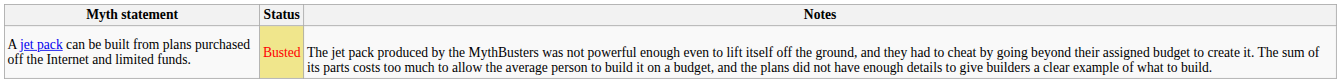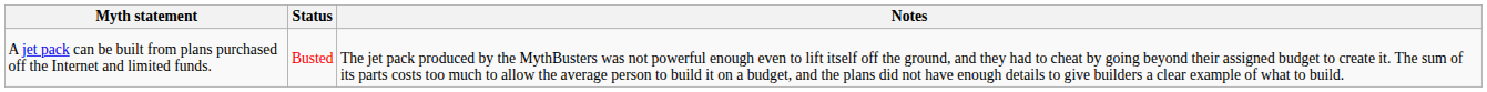 <table class="wikitable plainrowheaders">
 <tr>
 <th>Myth statement</th>
 <th>Status</th>
 <th>Notes</th>
 </tr>
 <tr>
 <td>A <a href='#'>jet pack</a> can be built from plans purchased off the Internet and limited funds.</td>
-<td style="background: khaki; color:red">Busted</td>
+<td style="color:red">Busted</td>
 <td><br>The jet pack produced by the MythBusters was not powerful enough even to lift itself off the ground, and they had to cheat by going beyond their assigned budget to create it. The sum of its parts costs too much to allow the average person to build it on a budget, and the plans did not have enough details to give builders a clear example of what to build.</td>
 </tr>
 </table>
